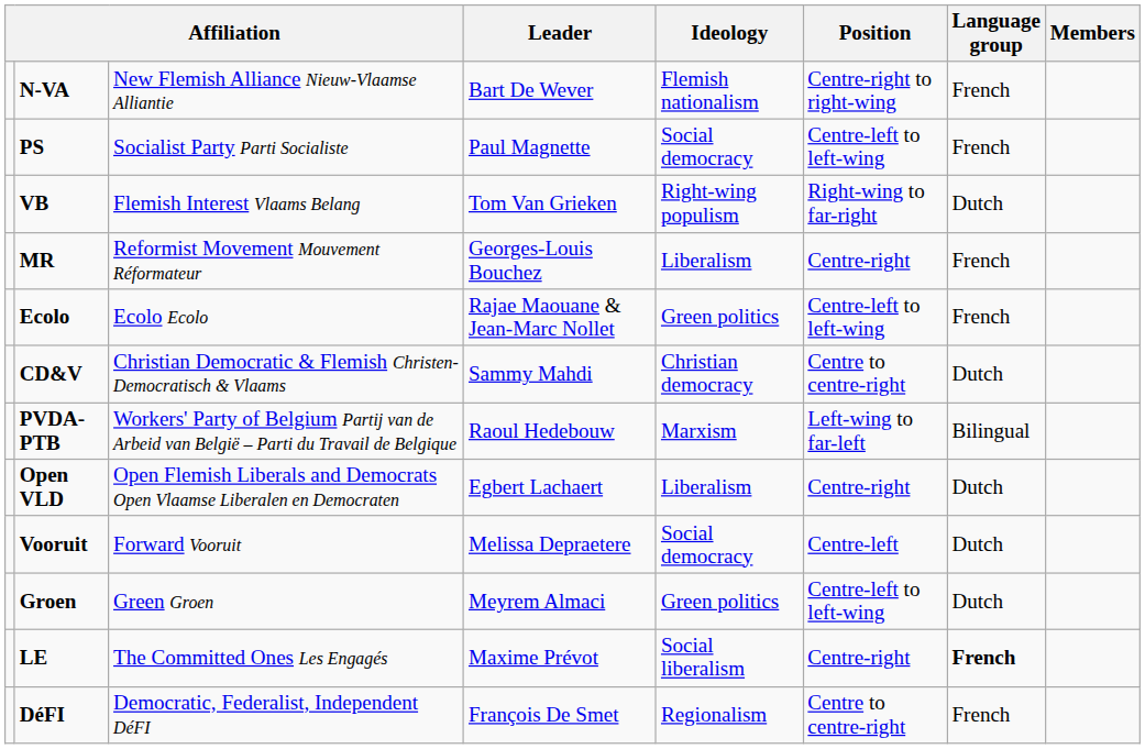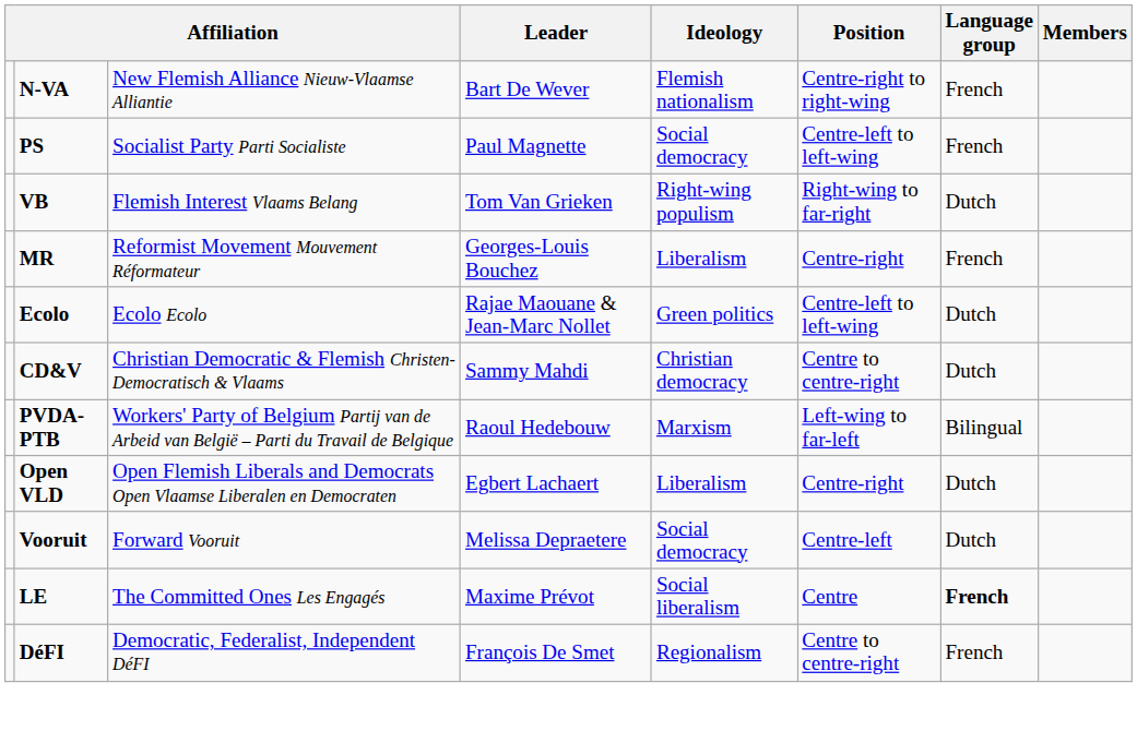 <table class="wikitable">
 <tr>
 <th colspan="3">Affiliation</th>
 <th>Leader</th>
 <th>Ideology</th>
 <th>Position</th>
 <th>Language<br>group</th>
 <th>Members</th>
 </tr>
 <tr>
 <td style="background-color: "></td>
 <td><strong>N-VA</strong></td>
 <td><a href='#'>New Flemish Alliance</a> <em><small>Nieuw-Vlaamse Alliantie</small></em></td>
 <td><a href='#'>Bart De Wever</a></td>
 <td><a href='#'>Flemish nationalism</a></td>
 <td><a href='#'>Centre-right</a> to <a href='#'>right-wing</a></td>
 <td>French</td>
 <td style="text-align:center;"></td>
 </tr>
 <tr>
 <td style="background-color: "></td>
 <td><strong>PS</strong></td>
 <td><a href='#'>Socialist Party</a> <em><small>Parti Socialiste</small></em></td>
 <td><a href='#'>Paul Magnette</a></td>
 <td><a href='#'>Social democracy</a></td>
 <td><a href='#'>Centre-left</a> to <a href='#'>left-wing</a></td>
 <td>French</td>
 <td style="text-align:center;"></td>
 </tr>
 <tr>
 <td style="background-color: "></td>
 <td><strong>VB</strong></td>
 <td><a href='#'>Flemish Interest</a> <em><small>Vlaams Belang</small></em></td>
 <td><a href='#'>Tom Van Grieken</a></td>
 <td><a href='#'>Right-wing populism</a></td>
 <td><a href='#'>Right-wing</a> to <a href='#'>far-right</a></td>
 <td>Dutch</td>
 <td style="text-align:center;"></td>
 </tr>
 <tr>
 <td style="background-color: "></td>
 <td><strong>MR</strong></td>
 <td><a href='#'>Reformist Movement</a> <em><small>Mouvement Réformateur</small></em></td>
 <td><a href='#'>Georges-Louis Bouchez</a></td>
 <td><a href='#'>Liberalism</a></td>
 <td><a href='#'>Centre-right</a></td>
 <td>French</td>
 <td style="text-align:center;"></td>
 </tr>
 <tr>
 <td style="background-color: "></td>
 <td><strong>Ecolo</strong></td>
 <td><a href='#'>Ecolo</a> <em><small>Ecolo</small></em></td>
 <td><a href='#'>Rajae Maouane</a> & <a href='#'>Jean-Marc Nollet</a></td>
 <td><a href='#'>Green politics</a></td>
 <td><a href='#'>Centre-left</a> to <a href='#'>left-wing</a></td>
-<td>French</td>
+<td>Dutch</td>
 <td style="text-align:center;"></td>
 </tr>
 <tr>
 <td style="background-color: "></td>
 <td><strong>CD&V</strong></td>
 <td><a href='#'>Christian Democratic & Flemish</a> <em><small>Christen-Democratisch & Vlaams</small></em></td>
 <td><a href='#'>Sammy Mahdi</a></td>
 <td><a href='#'>Christian democracy</a></td>
 <td><a href='#'>Centre</a> to <a href='#'>centre-right</a></td>
 <td>Dutch</td>
 <td style="text-align:center;"></td>
 </tr>
 <tr>
 <td style="background-color: "></td>
 <td><strong>PVDA-PTB</strong></td>
 <td><a href='#'>Workers' Party of Belgium</a> <em><small>Partij van de Arbeid van België – Parti du Travail de Belgique</small></em></td>
 <td><a href='#'>Raoul Hedebouw</a></td>
 <td><a href='#'>Marxism</a></td>
 <td><a href='#'>Left-wing</a> to <a href='#'>far-left</a></td>
 <td>Bilingual</td>
 <td style="text-align:center;"></td>
 </tr>
 <tr>
 <td style="background-color: "></td>
 <td><strong>Open VLD</strong></td>
 <td><a href='#'>Open Flemish Liberals and Democrats</a> <small><em>Open Vlaamse Liberalen en Democraten</em></small></td>
 <td><a href='#'>Egbert Lachaert</a></td>
 <td><a href='#'>Liberalism</a></td>
 <td><a href='#'>Centre-right</a></td>
 <td>Dutch</td>
 <td style="text-align:center;"></td>
 </tr>
 <tr>
 <td style="background-color: "></td>
 <td><strong>Vooruit</strong></td>
 <td><a href='#'>Forward</a> <em><small>Vooruit</small></em></td>
 <td><a href='#'>Melissa Depraetere</a></td>
 <td><a href='#'>Social democracy</a></td>
 <td><a href='#'>Centre-left</a></td>
 <td>Dutch</td>
 <td style="text-align:center;"></td>
 </tr>
 <tr>
 <td style="background-color: "></td>
-<td><strong>Groen</strong></td>
-<td><a href='#'>Green</a> <small><em>Groen</em></small></td>
-<td><a href='#'>Meyrem Almaci</a></td>
-<td><a href='#'>Green politics</a></td>
-<td><a href='#'>Centre-left</a> to <a href='#'>left-wing</a></td>
-<td>Dutch</td>
-<td style="text-align:center;"></td>
-</tr>
-<tr>
-<td style="background-color: "></td>
 <td><strong>LE</strong></td>
 <td><a href='#'>The Committed Ones</a> <em><small>Les Engagés</small></em></td>
 <td><a href='#'>Maxime Prévot</a></td>
 <td><a href='#'>Social liberalism</a></td>
-<td><a href='#'>Centre-right</a></td>
+<td><a href='#'>Centre</a></td>
 <td><strong>French</strong></td>
 <td style="text-align:center;"></td>
 </tr>
 <tr>
 <td style="background-color: "></td>
 <td><strong>DéFI</strong></td>
 <td><a href='#'>Democratic, Federalist, Independent</a> <em><small>DéFI</small></em></td>
 <td><a href='#'>François De Smet</a></td>
 <td><a href='#'>Regionalism</a></td>
 <td><a href='#'>Centre</a> to <a href='#'>centre-right</a></td>
 <td>French</td>
 <td style="text-align:center;"></td>
 </tr>
 </table>
